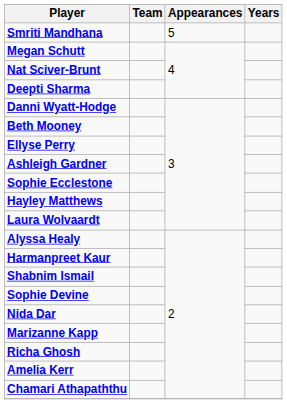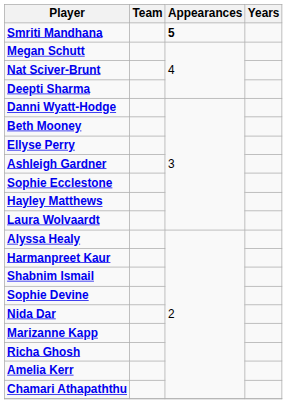 <table class="wikitable">
 <tr>
 <th>Player</th>
 <th>Team</th>
 <th>Appearances</th>
 <th>Years</th>
 </tr>
 <tr>
 <td><strong><a href='#'>Smriti Mandhana</a></strong></td>
 <td></td>
-<td>5</td>
+<td><strong>5</strong></td>
 <td></td>
 </tr>
 <tr>
 <td><strong><a href='#'>Megan Schutt</a></strong></td>
 <td></td>
 <td rowspan=3>4</td>
 <td></td>
 </tr>
 <tr>
 <td><strong><a href='#'>Nat Sciver-Brunt</a></strong></td>
 <td></td>
 <td></td>
 </tr>
 <tr>
 <td><strong><a href='#'>Deepti Sharma</a></strong></td>
 <td></td>
 <td></td>
 </tr>
 <tr>
 <td><strong><a href='#'>Danni Wyatt-Hodge</a></strong></td>
 <td></td>
 <td rowspan=7>3</td>
 <td></td>
 </tr>
 <tr>
 <td><strong><a href='#'>Beth Mooney</a></strong></td>
 <td></td>
 <td></td>
 </tr>
 <tr>
 <td><strong><a href='#'>Ellyse Perry</a></strong></td>
 <td></td>
 <td></td>
 </tr>
 <tr>
 <td><strong><a href='#'>Ashleigh Gardner</a></strong></td>
 <td></td>
 <td></td>
 </tr>
 <tr>
 <td><strong><a href='#'>Sophie Ecclestone</a></strong></td>
 <td></td>
 <td></td>
 </tr>
 <tr>
 <td><strong><a href='#'>Hayley Matthews</a></strong></td>
 <td></td>
 <td></td>
 </tr>
 <tr>
 <td><strong><a href='#'>Laura Wolvaardt</a></strong></td>
 <td></td>
 <td></td>
 </tr>
 <tr>
 <td><strong><a href='#'>Alyssa Healy</a></strong></td>
 <td></td>
 <td rowspan=9>2</td>
 <td></td>
 </tr>
 <tr>
 <td><strong><a href='#'>Harmanpreet Kaur</a></strong></td>
 <td></td>
 <td></td>
 </tr>
 <tr>
 <td><strong><a href='#'>Shabnim Ismail</a></strong></td>
 <td></td>
 <td></td>
 </tr>
 <tr>
 <td><strong><a href='#'>Sophie Devine</a></strong></td>
 <td></td>
 <td></td>
 </tr>
 <tr>
 <td><strong><a href='#'>Nida Dar</a></strong></td>
 <td></td>
 <td></td>
 </tr>
 <tr>
 <td><strong><a href='#'>Marizanne Kapp</a></strong></td>
 <td></td>
 <td></td>
 </tr>
 <tr>
 <td><strong><a href='#'>Richa Ghosh</a></strong></td>
 <td></td>
 <td></td>
 </tr>
 <tr>
 <td><strong><a href='#'>Amelia Kerr</a></strong></td>
 <td></td>
 <td></td>
 </tr>
 <tr>
 <td><strong><a href='#'>Chamari Athapaththu</a></strong></td>
 <td></td>
 <td></td>
 </tr>
 <tr>
 </tr>
 </table>
